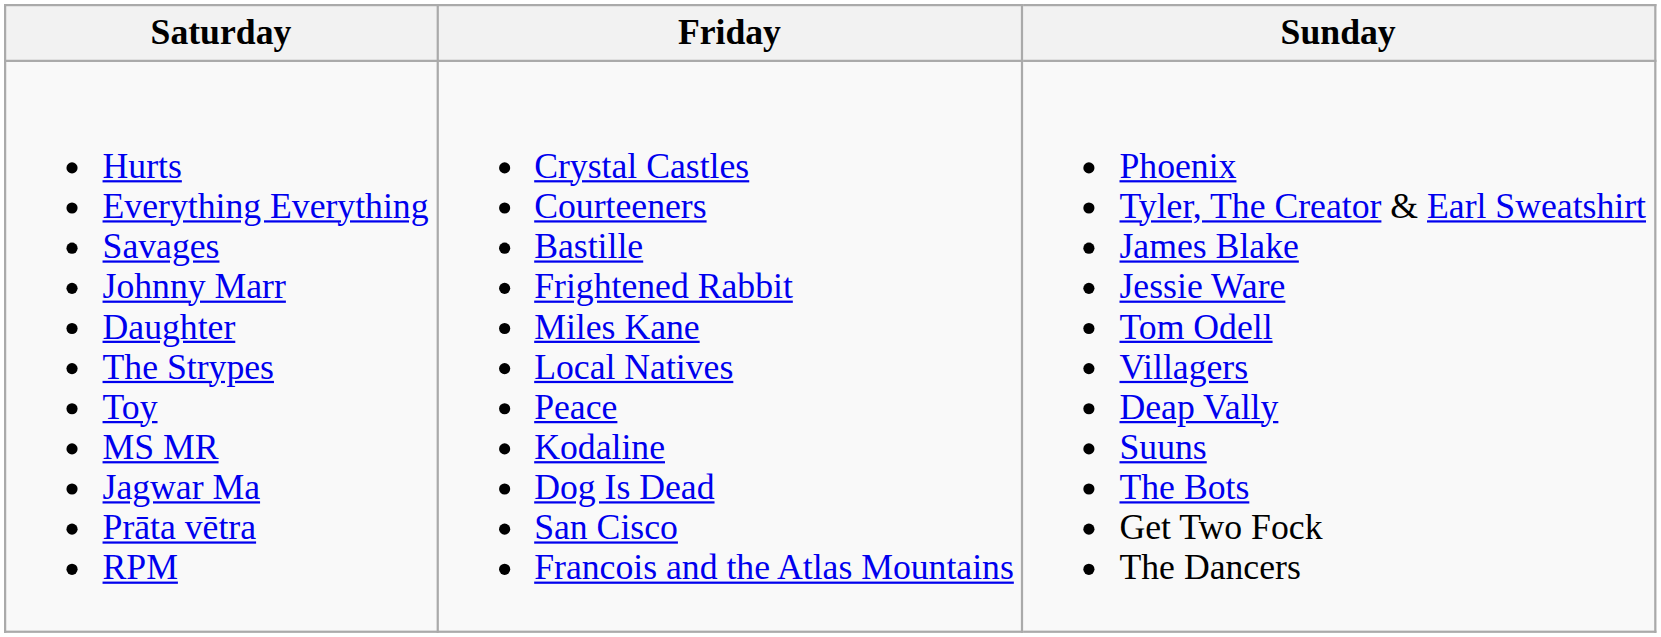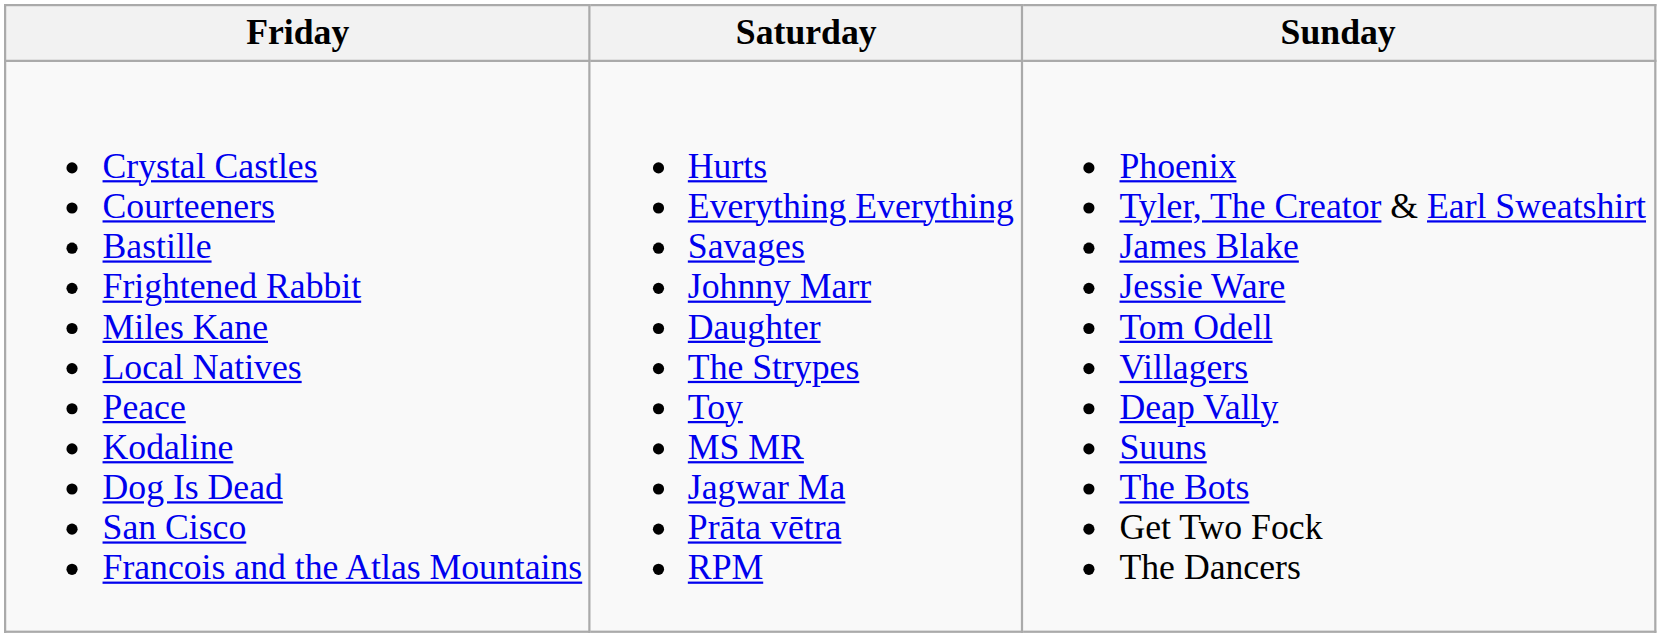 <table class="wikitable">
 <tr>
+<th>Friday</th>
 <th>Saturday</th>
-<th>Friday</th>
 <th>Sunday</th>
 </tr>
 <tr valign="top">
+<td><br><ul><li><a href='#'>Crystal Castles</a></li><li><a href='#'>Courteeners</a></li><li><a href='#'>Bastille</a></li><li><a href='#'>Frightened Rabbit</a></li><li><a href='#'>Miles Kane</a></li><li><a href='#'>Local Natives</a></li><li><a href='#'>Peace</a></li><li><a href='#'>Kodaline</a></li><li><a href='#'>Dog Is Dead</a></li><li><a href='#'>San Cisco</a></li><li><a href='#'>Francois and the Atlas Mountains</a></li></ul></td>
 <td><br><ul><li><a href='#'>Hurts</a></li><li><a href='#'>Everything Everything</a></li><li><a href='#'>Savages</a></li><li><a href='#'>Johnny Marr</a></li><li><a href='#'>Daughter</a></li><li><a href='#'>The Strypes</a></li><li><a href='#'>Toy</a></li><li><a href='#'>MS MR</a></li><li><a href='#'>Jagwar Ma</a></li><li><a href='#'>Prāta vētra</a></li><li><a href='#'>RPM</a></li></ul></td>
-<td><br><ul><li><a href='#'>Crystal Castles</a></li><li><a href='#'>Courteeners</a></li><li><a href='#'>Bastille</a></li><li><a href='#'>Frightened Rabbit</a></li><li><a href='#'>Miles Kane</a></li><li><a href='#'>Local Natives</a></li><li><a href='#'>Peace</a></li><li><a href='#'>Kodaline</a></li><li><a href='#'>Dog Is Dead</a></li><li><a href='#'>San Cisco</a></li><li><a href='#'>Francois and the Atlas Mountains</a></li></ul></td>
 <td><br><ul><li><a href='#'>Phoenix</a></li><li><a href='#'>Tyler, The Creator</a> & <a href='#'>Earl Sweatshirt</a></li><li><a href='#'>James Blake</a></li><li><a href='#'>Jessie Ware</a></li><li><a href='#'>Tom Odell</a></li><li><a href='#'>Villagers</a></li><li><a href='#'>Deap Vally</a></li><li><a href='#'>Suuns</a></li><li><a href='#'>The Bots</a></li><li>Get Two Fock</li><li>The Dancers</li></ul></td>
 </tr>
 </table>
